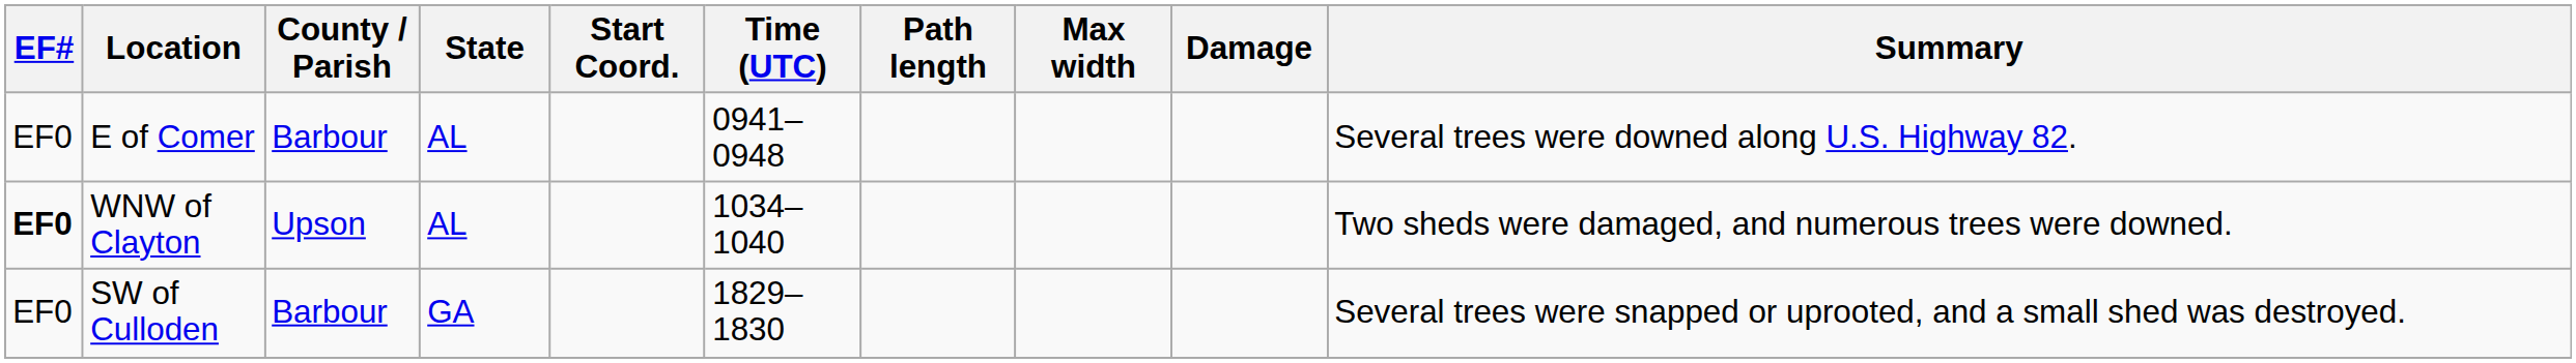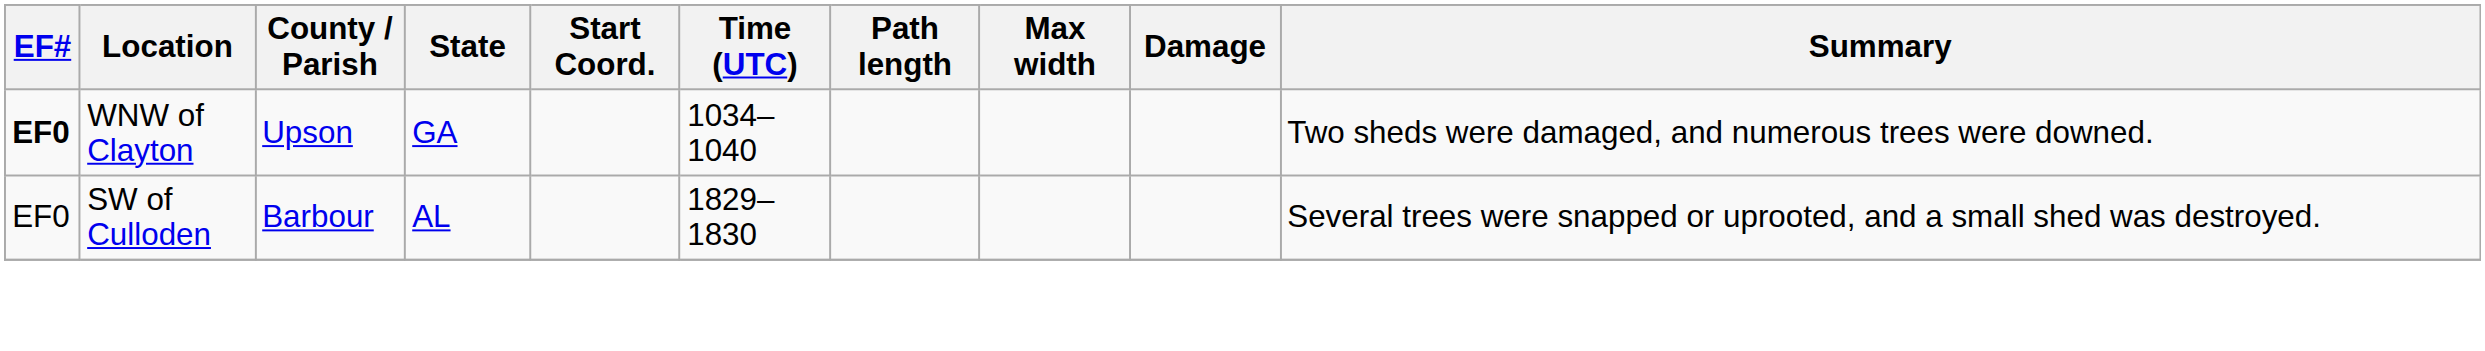 <table class="wikitable sortable" style="width:100%;">
 <tr>
 <th scope="col"  style="width:3%; text-align:center;"><a href='#'>EF#</a></th>
 <th scope="col"  style="width:7%; text-align:center;" class="unsortable">Location</th>
 <th scope="col"  style="width:6%; text-align:center;" class="unsortable">County / Parish</th>
 <th scope="col"  style="width:5%; text-align:center;">State</th>
 <th scope="col"  style="width:6%; text-align:center;">Start Coord.</th>
 <th scope="col"  style="width:6%; text-align:center;">Time (<a href='#'>UTC</a>)</th>
 <th scope="col"  style="width:6%; text-align:center;">Path length</th>
 <th scope="col"  style="width:6%; text-align:center;">Max width</th>
 <th scope="col"  style="width:6%; text-align:center;">Damage</th>
 <th scope="col" class="unsortable" style="width:48%; text-align:center;">Summary</th>
 </tr>
 <tr>
-<td>EF0</td>
-<td>E of <a href='#'>Comer</a></td>
-<td><a href='#'>Barbour</a></td>
-<td><a href='#'>AL</a></td>
-<td></td>
-<td>0941–0948</td>
-<td></td>
-<td></td>
-<td></td>
-<td>Several trees were downed along <a href='#'>U.S. Highway 82</a>.</td>
-</tr>
-<tr>
 <td><strong>EF0</strong></td>
 <td>WNW of <a href='#'>Clayton</a></td>
 <td><a href='#'>Upson</a></td>
-<td><a href='#'>AL</a></td>
+<td><a href='#'>GA</a></td>
 <td></td>
 <td>1034–1040</td>
 <td></td>
 <td></td>
 <td></td>
 <td>Two sheds were damaged, and numerous trees were downed.</td>
 </tr>
 <tr>
 <td>EF0</td>
 <td>SW of <a href='#'>Culloden</a></td>
 <td><a href='#'>Barbour</a></td>
-<td><a href='#'>GA</a></td>
+<td><a href='#'>AL</a></td>
 <td></td>
 <td>1829–1830</td>
 <td></td>
 <td></td>
 <td></td>
 <td>Several trees were snapped or uprooted, and a small shed was destroyed.</td>
 </tr>
 <tr>
 </tr>
 </table>
